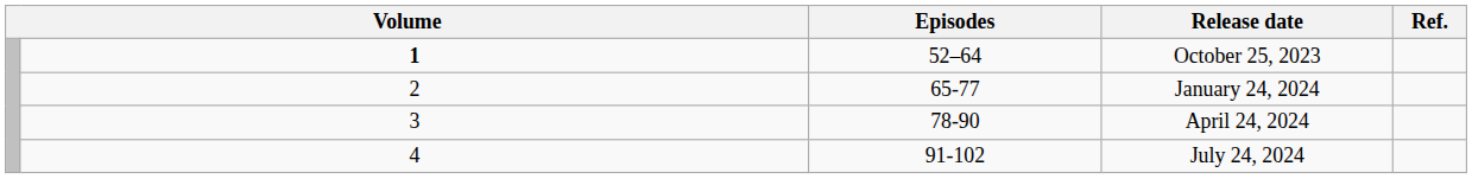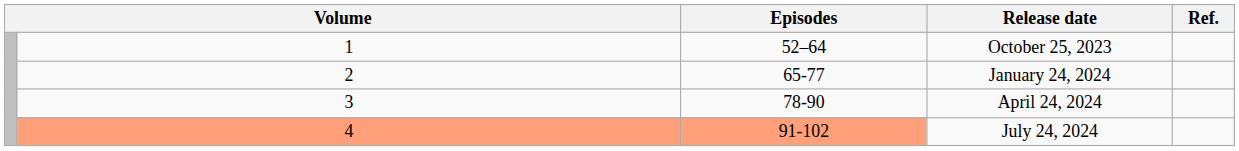 <table class="wikitable" style="text-align: center; width: 70%;">
 <tr>
 <th colspan="2">Volume</th>
 <th width="20%">Episodes</th>
 <th width="20%">Release date</th>
 <th width="5%">Ref.</th>
 </tr>
 <tr>
 <td rowspan="4" width="1%" style="background: #C0C0C0;"></td>
-<td><strong>1</strong></td>
+<td>1</td>
 <td>52–64</td>
 <td>October 25, 2023</td>
 <td></td>
 </tr>
 <tr>
 <td>2</td>
 <td>65-77</td>
 <td>January 24, 2024</td>
 <td></td>
 </tr>
 <tr>
 <td>3</td>
 <td>78-90</td>
 <td>April 24, 2024</td>
 <td></td>
 </tr>
 <tr>
-<td>4</td>
-<td>91-102</td>
+<td style="background: lightsalmon;">4</td>
+<td style="background: lightsalmon;">91-102</td>
 <td>July 24, 2024</td>
 <td></td>
 </tr>
 </table>
